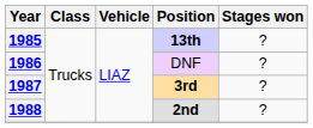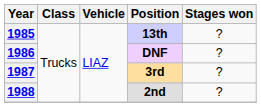 <table class="wikitable">
 <tr>
 <th>Year</th>
 <th>Class</th>
 <th>Vehicle</th>
 <th>Position</th>
 <th>Stages won</th>
 </tr>
 <tr>
 <th><a href='#'>1985</a></th>
 <td rowspan=4>Trucks</td>
 <td rowspan=4> <a href='#'>LIAZ</a></td>
 <td align="center" style="background:#CFCFFF;"><strong>13th</strong></td>
 <td align="center">?</td>
 </tr>
 <tr>
 <th><a href='#'>1986</a></th>
-<td align="center" style="background:#EFCFFF;">DNF</td>
+<td align="center" style="background:#EFCFFF;"><strong>DNF</strong></td>
 <td align="center">?</td>
 </tr>
 <tr>
 <th><a href='#'>1987</a></th>
 <td align="center" style="background:#FFDF9F;"><strong>3rd</strong></td>
 <td align="center">?</td>
 </tr>
 <tr>
 <th><a href='#'>1988</a></th>
 <td align="center" style="background:#DFDFDF;"><strong>2nd</strong></td>
 <td align="center">?</td>
 </tr>
 <tr>
 </tr>
 </table>
